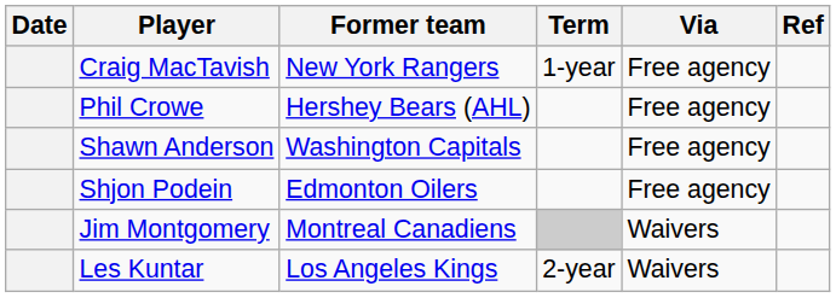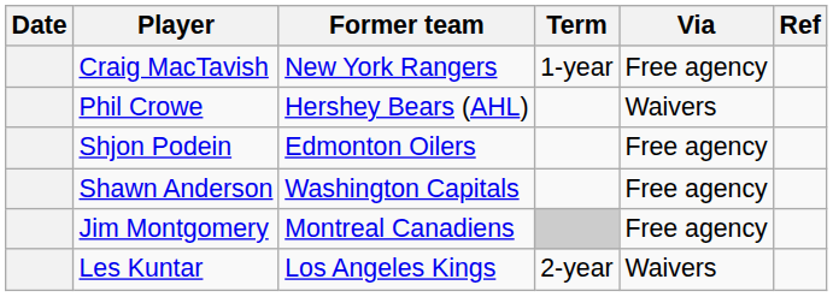 <table class="wikitable plainrowheaders">
 <tr style="background:#ddd; text-align:center;">
 <th>Date</th>
 <th>Player</th>
 <th>Former team</th>
 <th>Term</th>
 <th>Via</th>
 <th>Ref</th>
 </tr>
 <tr>
 <th scope="row"></th>
 <td><a href='#'>Craig MacTavish</a></td>
 <td><a href='#'>New York Rangers</a></td>
 <td>1-year</td>
 <td>Free agency</td>
 <td></td>
 </tr>
 <tr>
 <th scope="row"></th>
 <td><a href='#'>Phil Crowe</a></td>
 <td><a href='#'>Hershey Bears</a> (<a href='#'>AHL</a>)</td>
 <td></td>
+<td>Waivers</td>
+<td></td>
+</tr>
+<tr>
+<th scope="row"></th>
+<td><a href='#'>Shjon Podein</a></td>
+<td><a href='#'>Edmonton Oilers</a></td>
+<td></td>
 <td>Free agency</td>
 <td></td>
 </tr>
 <tr>
 <th scope="row"></th>
 <td><a href='#'>Shawn Anderson</a></td>
 <td><a href='#'>Washington Capitals</a></td>
 <td></td>
 <td>Free agency</td>
 <td></td>
 </tr>
 <tr>
 <th scope="row"></th>
-<td><a href='#'>Shjon Podein</a></td>
-<td><a href='#'>Edmonton Oilers</a></td>
-<td></td>
-<td>Free agency</td>
-<td></td>
-</tr>
-<tr>
-<th scope="row"></th>
 <td><a href='#'>Jim Montgomery</a></td>
 <td><a href='#'>Montreal Canadiens</a></td>
 <td style="background:#ccc"></td>
-<td>Waivers</td>
+<td>Free agency</td>
 <td></td>
 </tr>
 <tr>
 <th scope="row"></th>
 <td><a href='#'>Les Kuntar</a></td>
 <td><a href='#'>Los Angeles Kings</a></td>
 <td>2-year</td>
 <td>Waivers</td>
 <td></td>
 </tr>
 </table>
